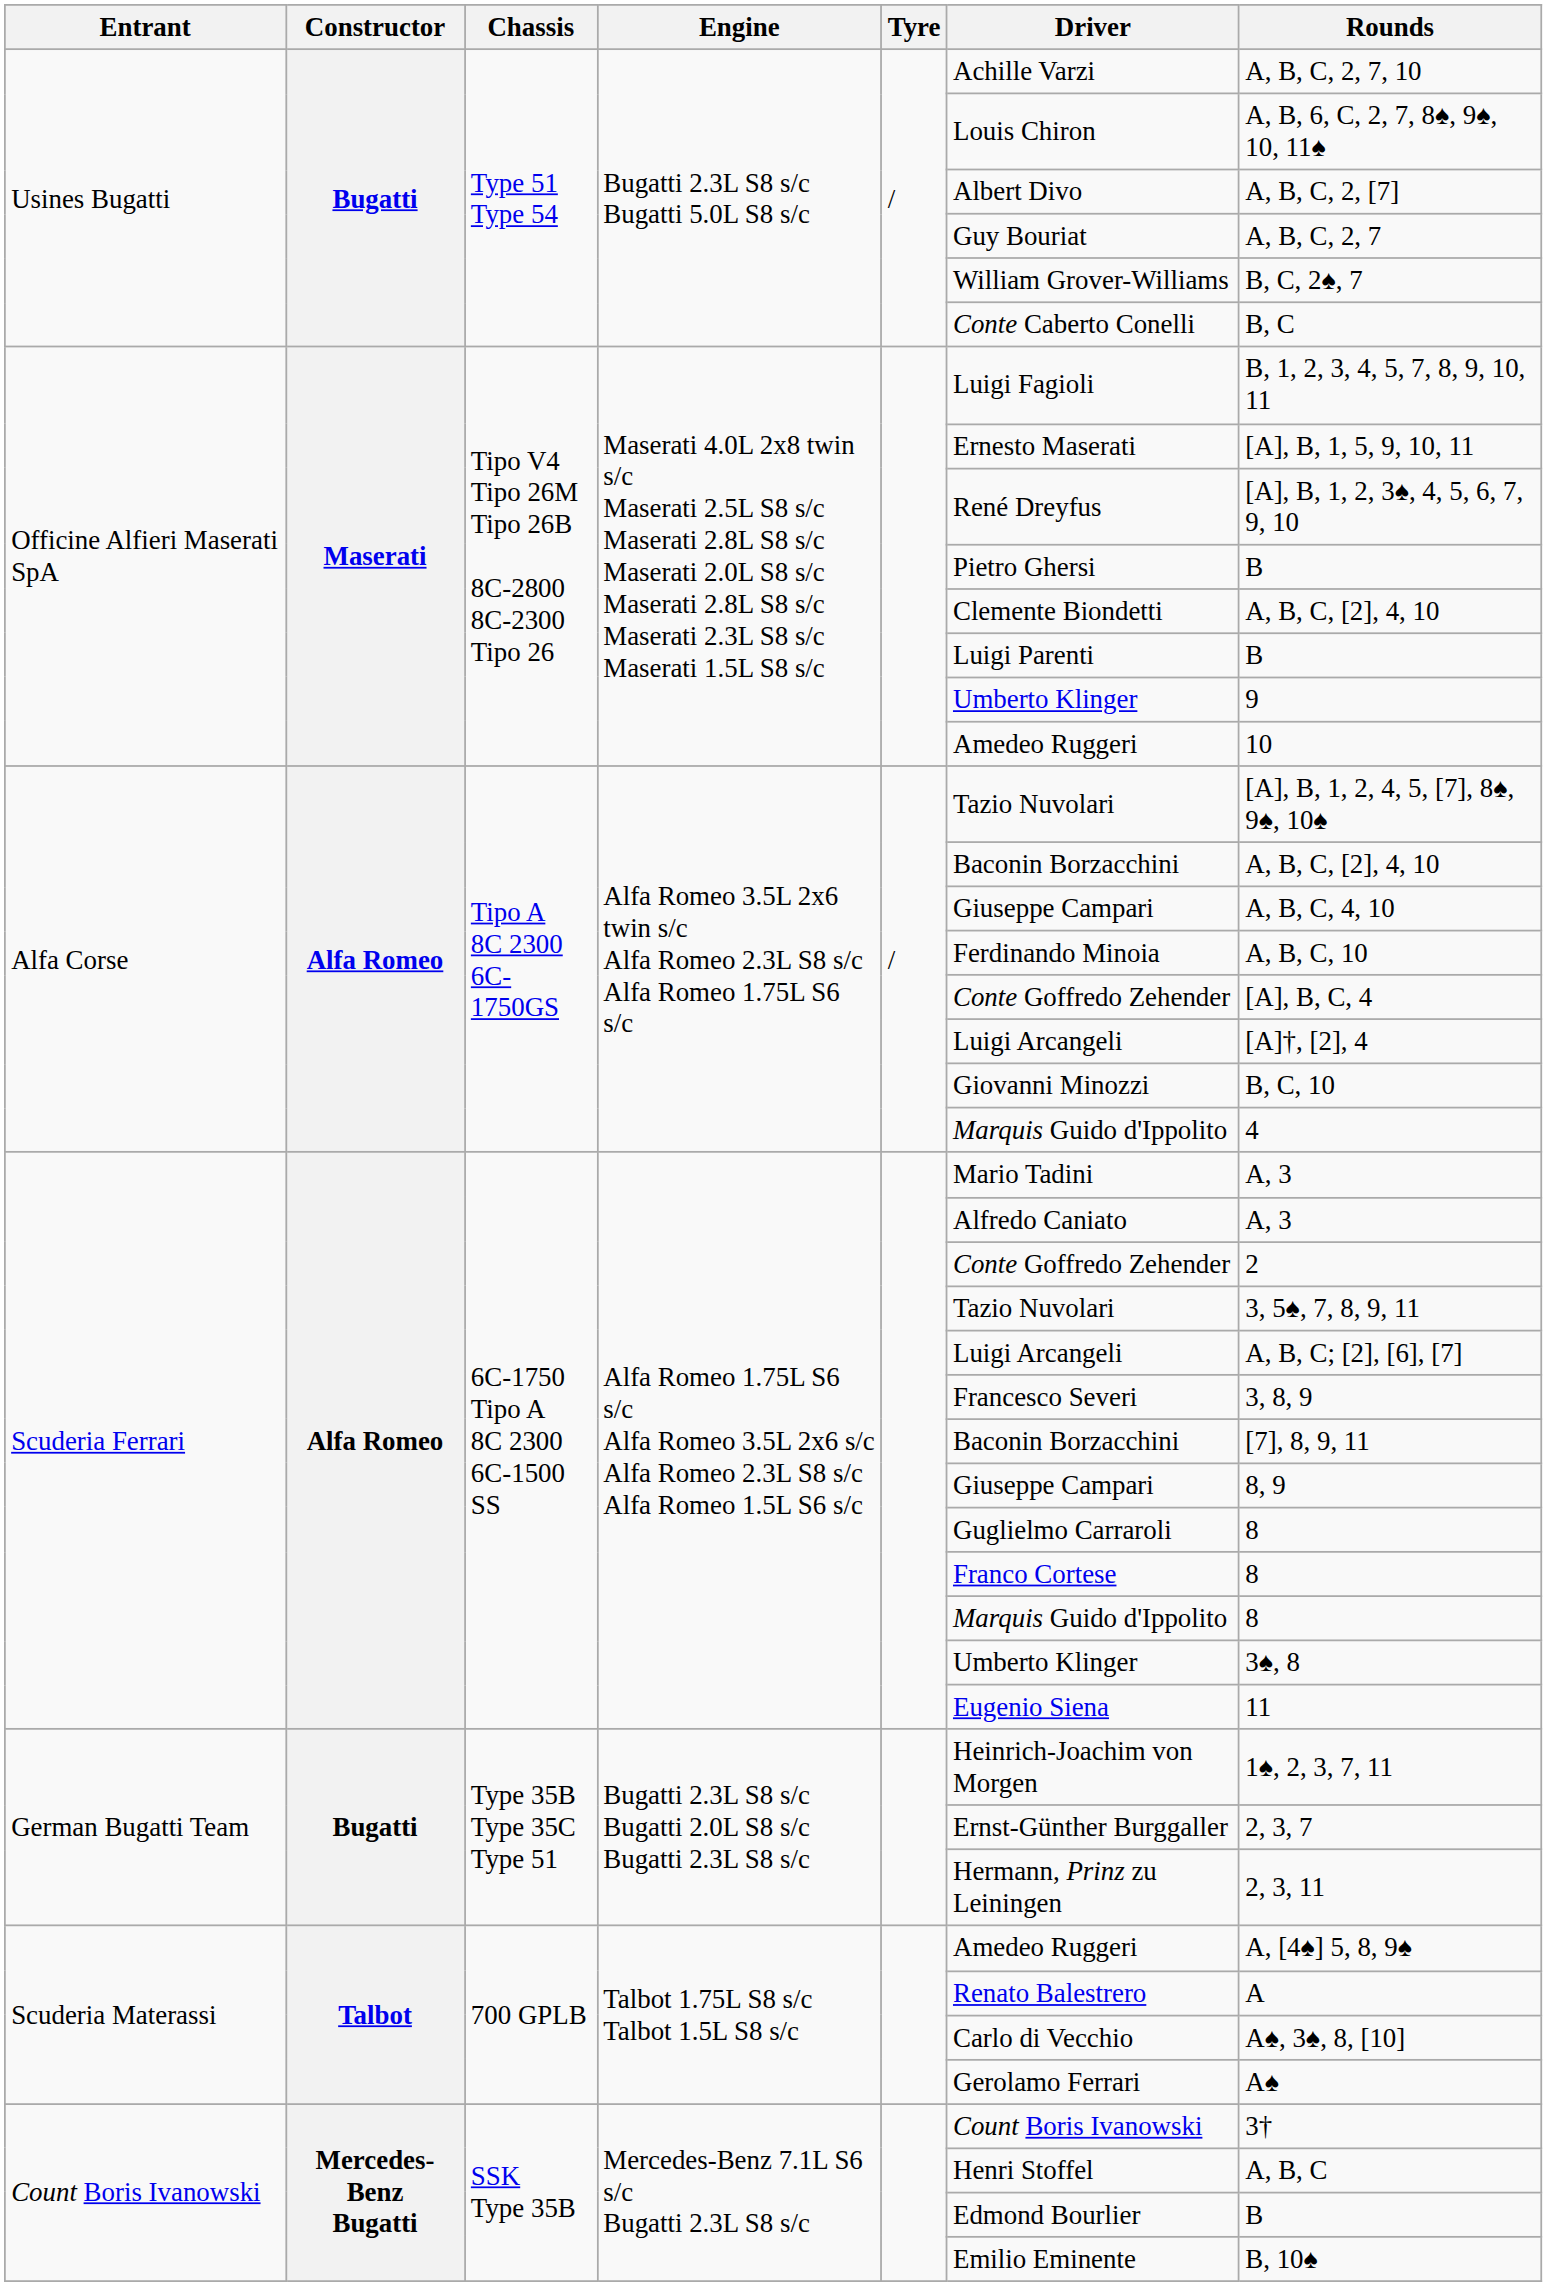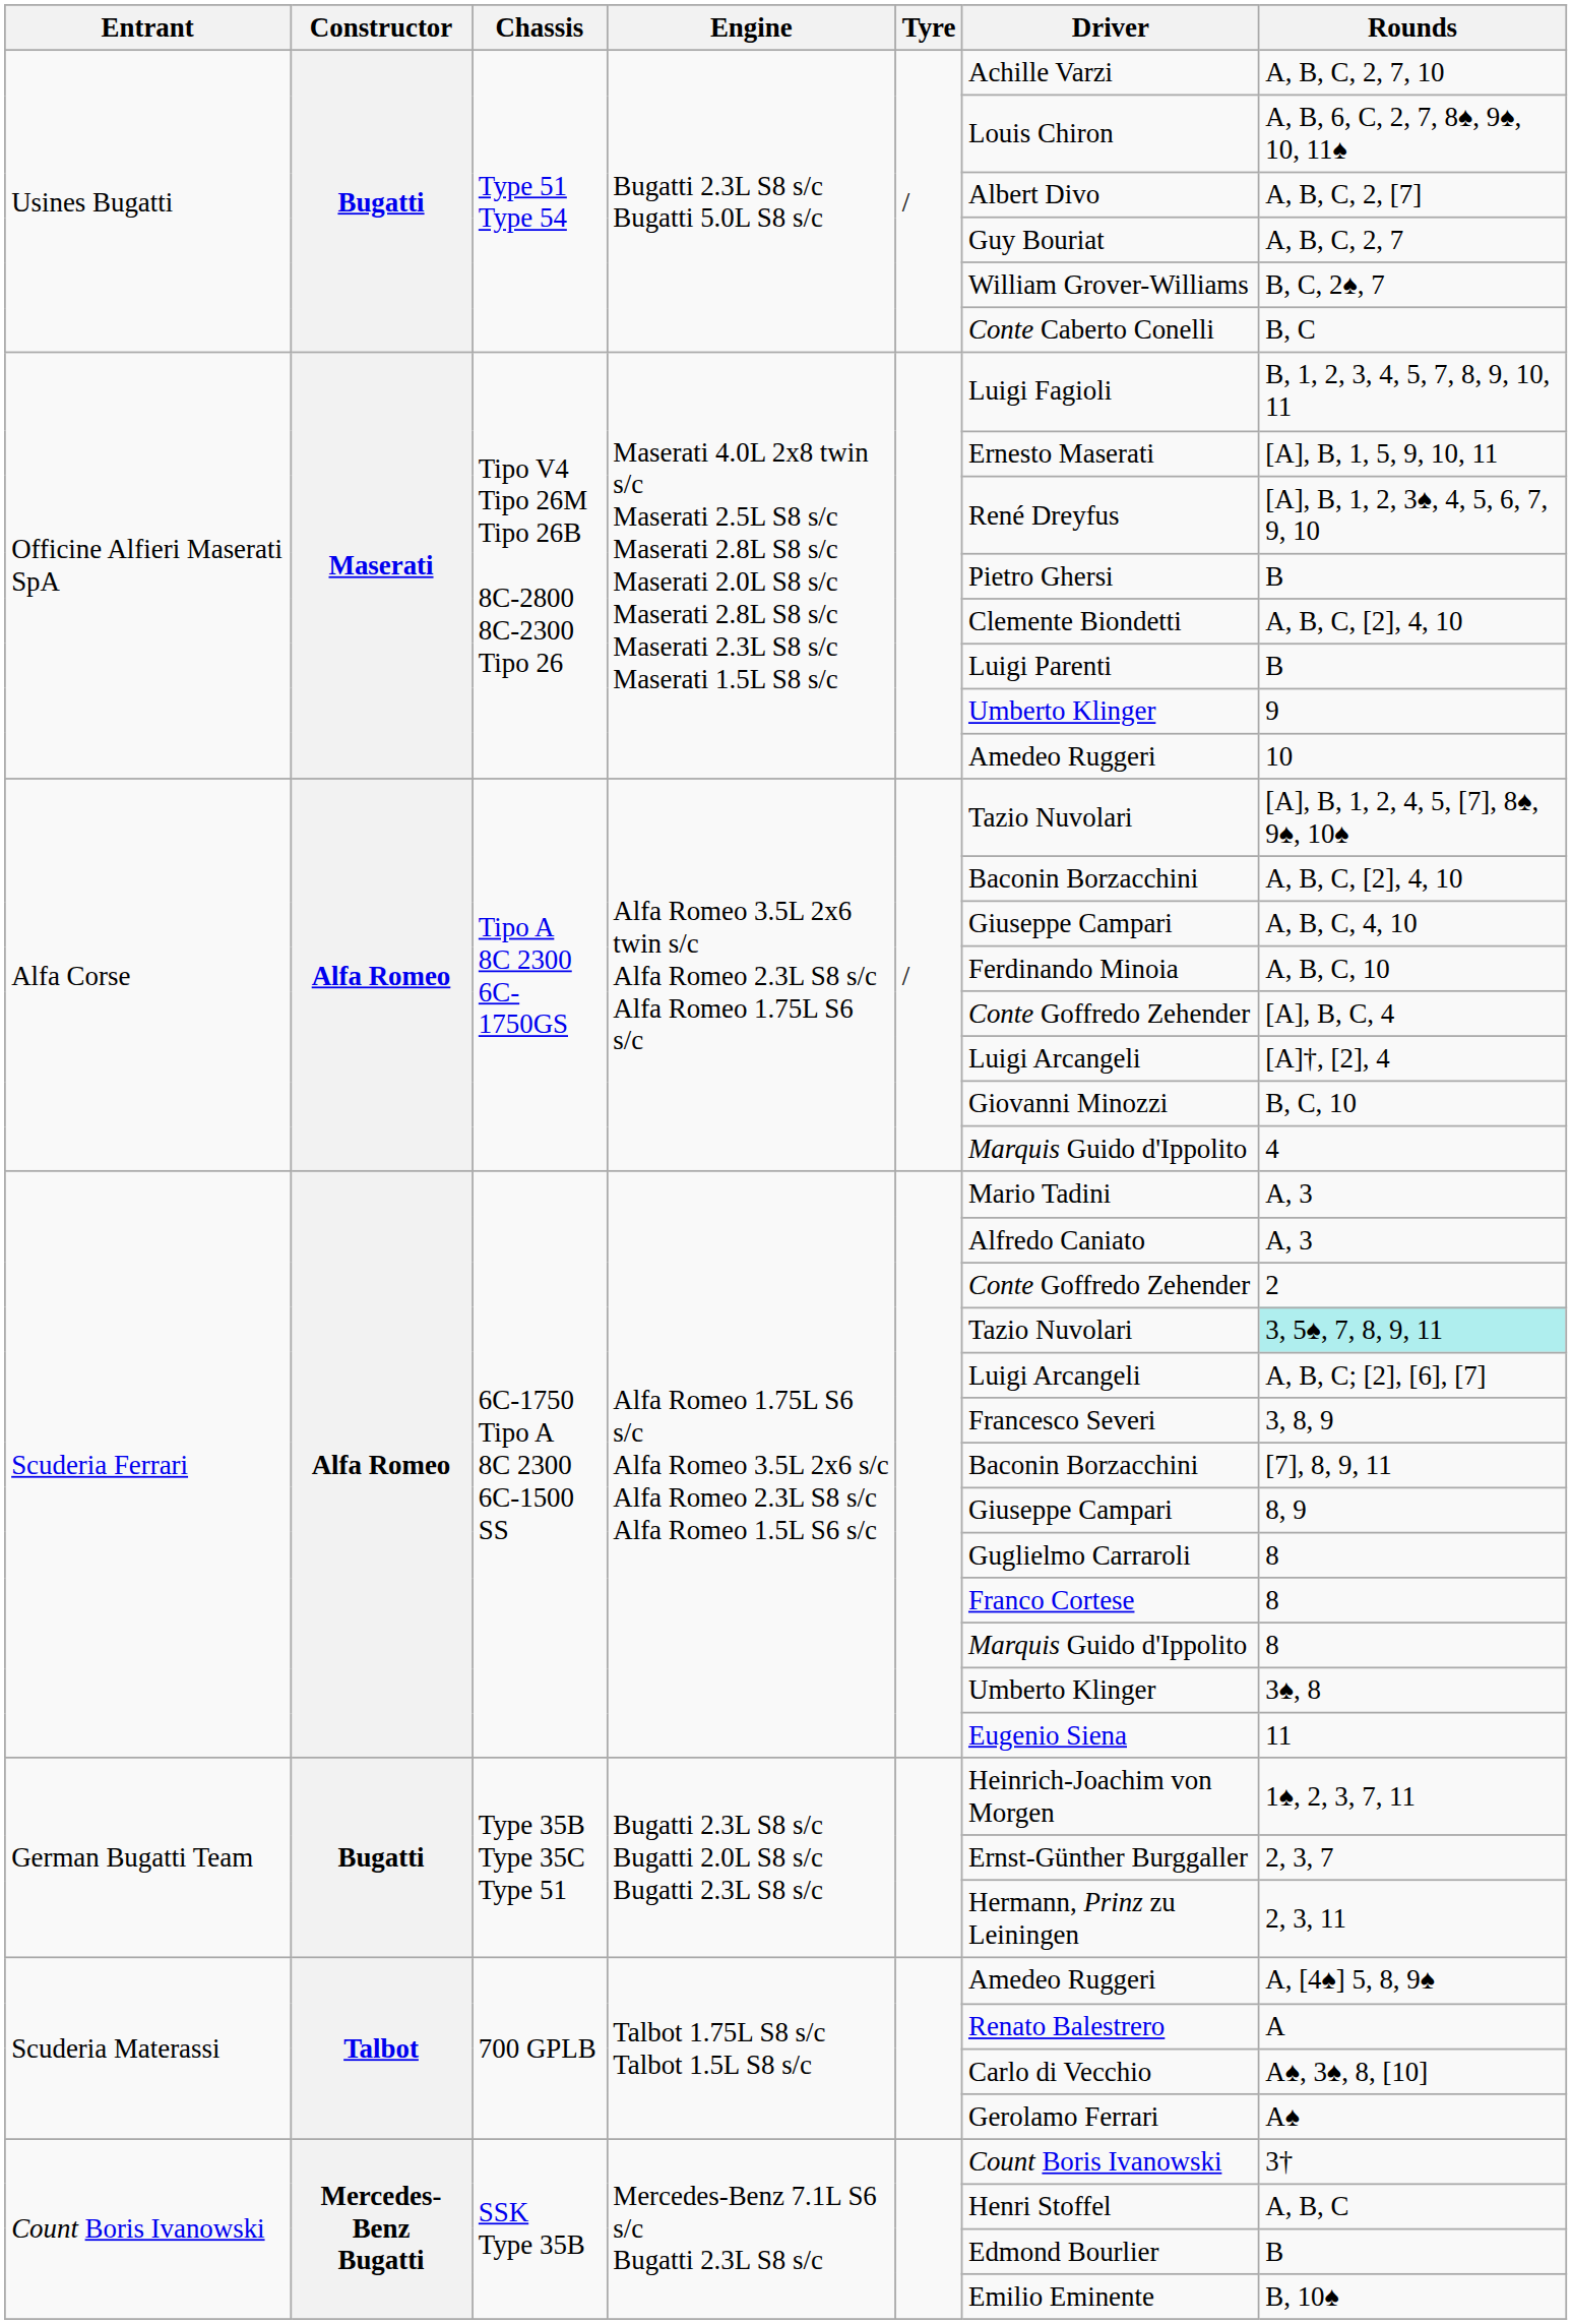 <table class="wikitable" style="font-size: 95%">
 <tr>
 <th>Entrant</th>
 <th>Constructor</th>
 <th>Chassis</th>
 <th>Engine</th>
 <th>Tyre</th>
 <th>Driver</th>
 <th>Rounds</th>
 </tr>
 <tr>
 <td rowspan=6> Usines Bugatti</td>
 <th rowspan=6><a href='#'>Bugatti</a></th>
 <td rowspan=6><a href='#'>Type 51</a><br><a href='#'>Type 54</a></td>
 <td rowspan=6>Bugatti 2.3L S8 s/c<br>Bugatti 5.0L S8 s/c</td>
 <td rowspan=6> /<br></td>
 <td> Achille Varzi</td>
 <td>A, B, C, 2, 7, 10</td>
 </tr>
 <tr>
 <td> Louis Chiron</td>
 <td>A, B, 6, C, 2, 7, 8♠, 9♠, 10, 11♠</td>
 </tr>
 <tr>
 <td> Albert Divo</td>
 <td>A, B, C, 2, [7]</td>
 </tr>
 <tr>
 <td> Guy Bouriat</td>
 <td>A, B, C, 2, 7</td>
 </tr>
 <tr>
 <td> William Grover-Williams</td>
 <td>B, C, 2♠, 7</td>
 </tr>
 <tr>
 <td> <em>Conte</em> Caberto Conelli</td>
 <td>B, C</td>
 </tr>
 <tr>
 <td rowspan=8> Officine Alfieri Maserati SpA</td>
 <th rowspan=8><a href='#'>Maserati</a></th>
 <td rowspan=8>Tipo V4<br>Tipo 26M<br>Tipo 26B<br> <br>8C-2800<br>8C-2300<br>Tipo 26</td>
 <td rowspan=8>Maserati 4.0L 2x8 twin s/c<br> Maserati 2.5L S8 s/c<br> Maserati 2.8L S8 s/c<br> Maserati 2.0L S8 s/c<br> Maserati 2.8L S8 s/c<br> Maserati 2.3L S8 s/c<br> Maserati 1.5L S8 s/c</td>
 <td rowspan=8></td>
 <td> Luigi Fagioli</td>
 <td>B, 1, 2, 3, 4, 5, 7, 8, 9, 10, 11</td>
 </tr>
 <tr>
 <td> Ernesto Maserati</td>
 <td>[A], B, 1, 5, 9, 10, 11</td>
 </tr>
 <tr>
 <td> René Dreyfus</td>
 <td>[A], B, 1, 2, 3♠, 4, 5, 6, 7, 9, 10</td>
 </tr>
 <tr>
 <td> Pietro Ghersi</td>
 <td>B</td>
 </tr>
 <tr>
 <td> Clemente Biondetti</td>
 <td>A, B, C, [2], 4, 10</td>
 </tr>
 <tr>
 <td> Luigi Parenti</td>
 <td>B</td>
 </tr>
 <tr>
 <td> <a href='#'>Umberto Klinger</a></td>
 <td>9</td>
 </tr>
 <tr>
 <td> Amedeo Ruggeri</td>
 <td>10</td>
 </tr>
 <tr>
 <td rowspan=8> Alfa Corse</td>
 <th rowspan=8><a href='#'>Alfa Romeo</a></th>
 <td rowspan=8><a href='#'>Tipo A</a><br><a href='#'>8C 2300</a><br><a href='#'>6C-1750GS</a></td>
 <td rowspan=8>Alfa Romeo 3.5L 2x6 twin s/c<br>Alfa Romeo 2.3L S8 s/c<br>Alfa Romeo 1.75L S6 s/c</td>
 <td rowspan=8> /<br></td>
 <td> Tazio Nuvolari</td>
 <td>[A], B, 1, 2, 4, 5, [7], 8♠, 9♠, 10♠</td>
 </tr>
 <tr>
 <td> Baconin Borzacchini</td>
 <td>A, B, C, [2], 4, 10</td>
 </tr>
 <tr>
 <td> Giuseppe Campari</td>
 <td>A, B, C, 4, 10</td>
 </tr>
 <tr>
 <td> Ferdinando Minoia</td>
 <td>A, B, C, 10</td>
 </tr>
 <tr>
 <td> <em>Conte</em> Goffredo Zehender</td>
 <td>[A], B, C, 4</td>
 </tr>
 <tr>
 <td> Luigi Arcangeli</td>
 <td>[A]†, [2], 4</td>
 </tr>
 <tr>
 <td> Giovanni Minozzi</td>
 <td>B, C, 10</td>
 </tr>
 <tr>
 <td> <em>Marquis</em> Guido d'Ippolito</td>
 <td>4</td>
 </tr>
 <tr>
 <td rowspan=13> <a href='#'>Scuderia Ferrari</a></td>
 <th rowspan=13>Alfa Romeo</th>
 <td rowspan=13>6C-1750<br>Tipo A<br>8C 2300<br>6C-1500 SS</td>
 <td rowspan=13>Alfa Romeo 1.75L S6 s/c<br>Alfa Romeo 3.5L 2x6 s/c<br>Alfa Romeo 2.3L S8 s/c<br>Alfa Romeo 1.5L S6 s/c</td>
 <td rowspan=13></td>
 <td> Mario Tadini</td>
 <td>A, 3</td>
 </tr>
 <tr>
 <td> Alfredo Caniato</td>
 <td>A, 3</td>
 </tr>
 <tr>
 <td> <em>Conte</em> Goffredo Zehender</td>
 <td>2</td>
 </tr>
 <tr>
 <td> Tazio Nuvolari</td>
-<td>3, 5♠, 7, 8, 9, 11</td>
+<td style="background: paleturquoise;">3, 5♠, 7, 8, 9, 11</td>
 </tr>
 <tr>
 <td> Luigi Arcangeli</td>
 <td>A, B, C; [2], [6], [7]</td>
 </tr>
 <tr>
 <td> Francesco Severi</td>
 <td>3, 8, 9</td>
 </tr>
 <tr>
 <td> Baconin Borzacchini</td>
 <td>[7], 8, 9, 11</td>
 </tr>
 <tr>
 <td> Giuseppe Campari</td>
 <td>8, 9</td>
 </tr>
 <tr>
 <td> Guglielmo Carraroli</td>
 <td>8</td>
 </tr>
 <tr>
 <td> <a href='#'>Franco Cortese</a></td>
 <td>8</td>
 </tr>
 <tr>
 <td> <em>Marquis</em> Guido d'Ippolito</td>
 <td>8</td>
 </tr>
 <tr>
 <td> Umberto Klinger</td>
 <td>3♠, 8</td>
 </tr>
 <tr>
 <td> <a href='#'>Eugenio Siena</a></td>
 <td>11</td>
 </tr>
 <tr>
 <td rowspan=3> German Bugatti Team</td>
 <th rowspan=3>Bugatti</th>
 <td rowspan=3>Type 35B<br>Type 35C<br>Type 51</td>
 <td rowspan=3>Bugatti 2.3L S8 s/c<br>Bugatti 2.0L S8 s/c<br>Bugatti 2.3L S8 s/c</td>
 <td rowspan=3></td>
 <td> Heinrich-Joachim von Morgen</td>
 <td>1♠, 2, 3, 7, 11</td>
 </tr>
 <tr>
 <td> Ernst-Günther Burggaller</td>
 <td>2, 3, 7</td>
 </tr>
 <tr>
 <td> Hermann, <em>Prinz</em> zu Leiningen</td>
 <td>2, 3, 11</td>
 </tr>
 <tr>
 <td rowspan=4> Scuderia Materassi</td>
 <th rowspan=4><a href='#'>Talbot</a></th>
 <td rowspan=4>700 GPLB</td>
 <td rowspan=4>Talbot 1.75L S8 s/c<br>Talbot 1.5L S8 s/c</td>
 <td rowspan=4></td>
 <td> Amedeo Ruggeri</td>
 <td>A, [4♠] 5, 8, 9♠</td>
 </tr>
 <tr>
 <td> <a href='#'>Renato Balestrero</a></td>
 <td>A</td>
 </tr>
 <tr>
 <td> Carlo di Vecchio</td>
 <td>A♠, 3♠, 8, [10]</td>
 </tr>
 <tr>
 <td> Gerolamo Ferrari</td>
 <td>A♠</td>
 </tr>
 <tr>
 <td rowspan=4> <em>Count</em> <a href='#'>Boris Ivanowski</a></td>
 <th rowspan=4>Mercedes-Benz<br>Bugatti</th>
 <td rowspan=4><a href='#'>SSK</a><br>Type 35B</td>
 <td rowspan=4>Mercedes-Benz 7.1L S6 s/c<br>Bugatti 2.3L S8 s/c</td>
 <td rowspan=4></td>
 <td> <em>Count</em> <a href='#'>Boris Ivanowski</a><br></td>
 <td>3†</td>
 </tr>
 <tr>
 <td> Henri Stoffel</td>
 <td>A, B, C</td>
 </tr>
 <tr>
 <td> Edmond Bourlier</td>
 <td>B</td>
 </tr>
 <tr>
 <td> Emilio Eminente</td>
 <td>B, 10♠</td>
 </tr>
 </table>
